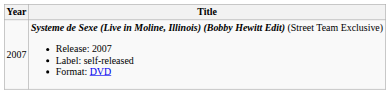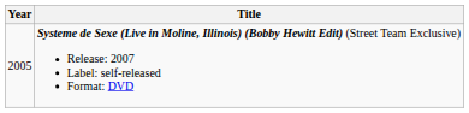 <table class="wikitable">
 <tr>
 <th>Year</th>
 <th>Title</th>
 </tr>
 <tr>
-<td style="text-align:center;">2007</td>
+<td style="text-align:center;">2005</td>
 <td><strong><em>Systeme de Sexe (Live in Moline, Illinois) (Bobby Hewitt Edit)</em></strong> (Street Team Exclusive)<br><ul><li>Release: 2007</li><li>Label: self-released</li><li>Format: <a href='#'>DVD</a></li></ul></td>
 </tr>
 </table>
